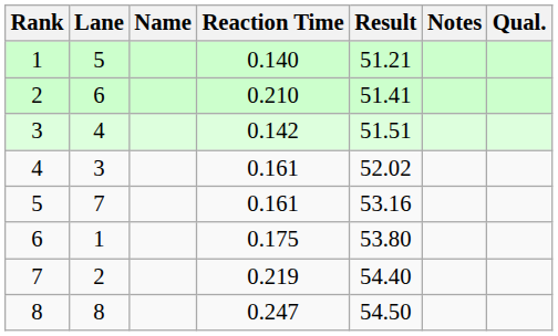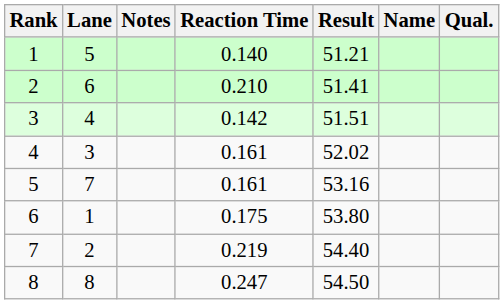 <table class="wikitable sortable" style="text-align:center">
 <tr>
 <th>Rank</th>
 <th>Lane</th>
-<th>Name</th>
+<th>Notes</th>
 <th>Reaction Time</th>
 <th>Result</th>
-<th>Notes</th>
+<th>Name</th>
 <th>Qual.</th>
 </tr>
 <tr bgcolor=ccffcc>
 <td>1</td>
 <td>5</td>
-<td align="left"></td>
+<td></td>
 <td>0.140</td>
 <td>51.21</td>
-<td></td>
+<td align="left"></td>
 <td></td>
 </tr>
 <tr bgcolor=ccffcc>
 <td>2</td>
 <td>6</td>
-<td align="left"></td>
+<td></td>
 <td>0.210</td>
 <td>51.41</td>
-<td></td>
+<td align="left"></td>
 <td></td>
 </tr>
 <tr bgcolor=ddffdd>
 <td>3</td>
 <td>4</td>
-<td align="left"></td>
+<td></td>
 <td>0.142</td>
 <td>51.51</td>
-<td></td>
+<td align="left"></td>
 <td></td>
 </tr>
 <tr>
 <td>4</td>
 <td>3</td>
-<td align="left"></td>
+<td></td>
 <td>0.161</td>
 <td>52.02</td>
-<td></td>
+<td align="left"></td>
 <td></td>
 </tr>
 <tr>
 <td>5</td>
 <td>7</td>
-<td align="left"></td>
+<td></td>
 <td>0.161</td>
 <td>53.16</td>
-<td></td>
+<td align="left"></td>
 <td></td>
 </tr>
 <tr>
 <td>6</td>
 <td>1</td>
-<td align="left"></td>
+<td></td>
 <td>0.175</td>
 <td>53.80</td>
-<td></td>
+<td align="left"></td>
 <td></td>
 </tr>
 <tr>
 <td>7</td>
 <td>2</td>
-<td align="left"></td>
+<td></td>
 <td>0.219</td>
 <td>54.40</td>
-<td></td>
+<td align="left"></td>
 <td></td>
 </tr>
 <tr>
 <td>8</td>
 <td>8</td>
-<td align="left"></td>
+<td></td>
 <td>0.247</td>
 <td>54.50</td>
-<td></td>
+<td align="left"></td>
 <td></td>
 </tr>
 </table>
